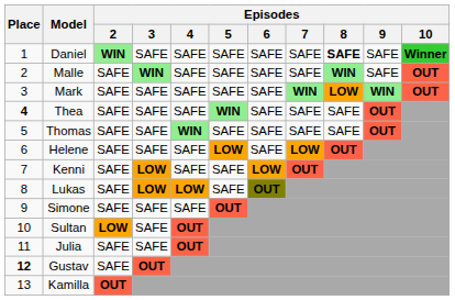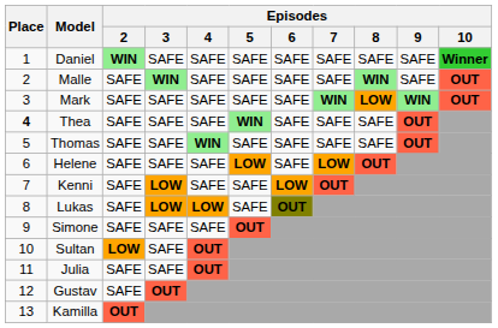 <table class="wikitable" style="text-align:center; font-size:92%">
 <tr>
 <th rowspan="2">Place</th>
 <th rowspan="2">Model</th>
 <th colspan="10">Episodes</th>
 </tr>
 <tr>
 <th>2</th>
 <th>3</th>
 <th>4</th>
 <th>5</th>
 <th>6</th>
 <th>7</th>
 <th>8</th>
 <th>9</th>
 <th>10</th>
 </tr>
 <tr>
 <td>1</td>
 <td>Daniel</td>
 <td style="background:lightgreen;"><strong>WIN</strong></td>
 <td>SAFE</td>
 <td>SAFE</td>
 <td>SAFE</td>
 <td>SAFE</td>
 <td>SAFE</td>
-<td><strong>SAFE</strong></td>
+<td>SAFE</td>
 <td>SAFE</td>
 <td style="background:limegreen;"><strong>Winner</strong></td>
 </tr>
 <tr>
 <td>2</td>
 <td>Malle</td>
 <td>SAFE</td>
 <td style="background:lightgreen;"><strong>WIN</strong></td>
 <td>SAFE</td>
 <td>SAFE</td>
 <td>SAFE</td>
 <td>SAFE</td>
 <td style="background:lightgreen;"><strong>WIN</strong></td>
 <td>SAFE</td>
 <td style="background:tomato;"><strong>OUT</strong></td>
 </tr>
 <tr>
 <td>3</td>
 <td>Mark</td>
 <td>SAFE</td>
 <td>SAFE</td>
 <td>SAFE</td>
 <td>SAFE</td>
 <td>SAFE</td>
 <td style="background:lightgreen;"><strong>WIN</strong></td>
 <td style="background:orange;"><strong>LOW</strong></td>
 <td style="background:lightgreen;"><strong>WIN</strong></td>
 <td style="background:tomato;"><strong>OUT</strong></td>
 </tr>
 <tr>
 <td><strong>4</strong></td>
 <td>Thea</td>
 <td>SAFE</td>
 <td>SAFE</td>
 <td>SAFE</td>
 <td style="background:lightgreen;"><strong>WIN</strong></td>
 <td>SAFE</td>
 <td>SAFE</td>
 <td>SAFE</td>
 <td style="background:tomato;"><strong>OUT</strong></td>
 <td style="background:darkgrey;" colspan="12"></td>
 </tr>
 <tr>
 <td>5</td>
 <td>Thomas</td>
 <td>SAFE</td>
 <td>SAFE</td>
 <td style="background:lightgreen;"><strong>WIN</strong></td>
 <td>SAFE</td>
 <td>SAFE</td>
 <td>SAFE</td>
 <td>SAFE</td>
 <td style="background:tomato;"><strong>OUT</strong></td>
 <td style="background:darkgrey;" colspan="12"></td>
 </tr>
 <tr>
 <td>6</td>
 <td>Helene</td>
 <td>SAFE</td>
 <td>SAFE</td>
 <td>SAFE</td>
 <td style="background:orange;"><strong>LOW</strong></td>
 <td>SAFE</td>
 <td style="background:orange;"><strong>LOW</strong></td>
 <td style="background:tomato;"><strong>OUT</strong></td>
 <td style="background:darkgrey;" colspan="12"></td>
 </tr>
 <tr>
 <td>7</td>
 <td>Kenni</td>
 <td>SAFE</td>
 <td style="background:orange;"><strong>LOW</strong></td>
 <td>SAFE</td>
 <td>SAFE</td>
 <td style="background:orange;"><strong>LOW</strong></td>
 <td style="background:tomato;"><strong>OUT</strong></td>
 <td style="background:darkgrey;" colspan="12"></td>
 </tr>
 <tr>
 <td>8</td>
 <td>Lukas</td>
 <td>SAFE</td>
 <td style="background:orange;"><strong>LOW</strong></td>
 <td style="background:orange;"><strong>LOW</strong></td>
 <td>SAFE</td>
 <td style="background:olive;"><span><strong>OUT</strong></span></td>
 <td style="background:darkgrey;" colspan="12"></td>
 </tr>
 <tr>
 <td>9</td>
 <td>Simone</td>
 <td>SAFE</td>
 <td>SAFE</td>
 <td>SAFE</td>
 <td style="background:tomato;"><strong>OUT</strong></td>
 <td style="background:darkgrey;" colspan="12"></td>
 </tr>
 <tr>
 <td>10</td>
 <td>Sultan</td>
 <td style="background:orange;"><strong>LOW</strong></td>
 <td>SAFE</td>
 <td style="background:tomato;"><strong>OUT</strong></td>
 <td style="background:darkgrey;" colspan="12"></td>
 </tr>
 <tr>
 <td>11</td>
 <td>Julia</td>
 <td>SAFE</td>
 <td>SAFE</td>
 <td style="background:tomato;"><strong>OUT</strong></td>
 <td style="background:darkgrey;" colspan="12"></td>
 </tr>
 <tr>
-<td><strong>12</strong></td>
+<td>12</td>
 <td>Gustav</td>
 <td>SAFE</td>
 <td style="background:tomato;"><strong>OUT</strong></td>
 <td style="background:darkgrey;" colspan="12"></td>
 </tr>
 <tr>
 <td>13</td>
 <td>Kamilla</td>
 <td style="background:tomato;"><strong>OUT</strong></td>
 <td style="background:darkgrey;" colspan="12"></td>
 </tr>
 </table>
